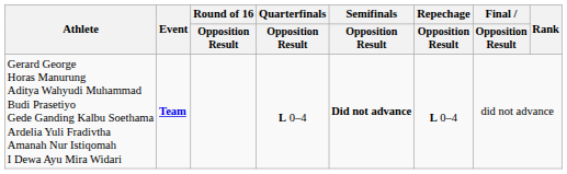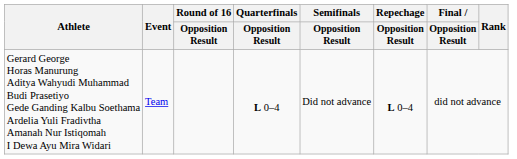 <table class=wikitable style=font-size:90%;text-align:center>
 <tr>
 <th rowspan="2">Athlete</th>
 <th rowspan="2">Event</th>
 <th>Round of 16</th>
 <th>Quarterfinals</th>
 <th>Semifinals</th>
 <th>Repechage</th>
 <th>Final / </th>
 <th rowspan=2>Rank</th>
 </tr>
 <tr style="font-size:95%">
 <th>Opposition<br>Result</th>
 <th>Opposition<br>Result</th>
 <th>Opposition<br>Result</th>
 <th>Opposition<br>Result</th>
 <th>Opposition<br>Result</th>
 </tr>
 <tr>
 <td align=left>Gerard George<br>Horas Manurung<br>Aditya Wahyudi Muhammad<br>Budi Prasetiyo<br>Gede Ganding Kalbu Soethama<br>Ardelia Yuli Fradivtha<br>Amanah Nur Istiqomah<br>I Dewa Ayu Mira Widari</td>
-<td align=left><strong><a href='#'>Team</a></strong></td>
+<td align=left><a href='#'>Team</a></td>
 <td></td>
 <td><br><strong>L</strong> 0–4</td>
-<td><strong>Did not advance</strong></td>
+<td>Did not advance</td>
 <td><br><strong>L</strong> 0–4</td>
 <td colspan=2>did not advance</td>
 </tr>
 </table>
